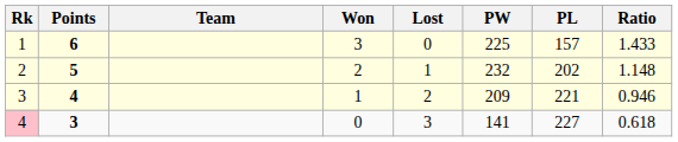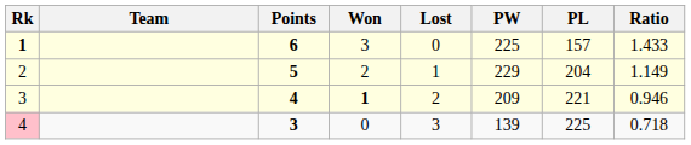 <table class=wikitable style="text-align:center">
 <tr bgcolor="#DCDCDC">
 <th width="25">Rk</th>
+<th width="200">Team</th>
 <th width="60">Points</th>
-<th width="200">Team</th>
 <th width="60">Won</th>
 <th width="60">Lost</th>
 <th width="60">PW</th>
 <th width="60">PL</th>
 <th width="60">Ratio</th>
 </tr>
 <tr bgcolor=lightyellow>
-<td>1</td>
+<td><strong>1</strong></td>
+<td align=left></td>
 <td><strong>6</strong></td>
-<td align=left></td>
 <td>3</td>
 <td>0</td>
 <td>225</td>
 <td>157</td>
 <td>1.433</td>
 </tr>
 <tr bgcolor=lightyellow>
 <td>2</td>
+<td align=left></td>
 <td><strong>5</strong></td>
-<td align=left></td>
 <td>2</td>
 <td>1</td>
-<td>232</td>
-<td>202</td>
-<td>1.148</td>
+<td>229</td>
+<td>204</td>
+<td>1.149</td>
 </tr>
 <tr bgcolor=lightyellow>
 <td>3</td>
+<td align=left></td>
 <td><strong>4</strong></td>
-<td align=left></td>
-<td>1</td>
+<td><strong>1</strong></td>
 <td>2</td>
 <td>209</td>
 <td>221</td>
 <td>0.946</td>
 </tr>
 <tr>
 <td style="background: pink;">4</td>
+<td align=left></td>
 <td><strong>3</strong></td>
-<td align=left></td>
 <td>0</td>
 <td>3</td>
-<td>141</td>
-<td>227</td>
-<td>0.618</td>
+<td>139</td>
+<td>225</td>
+<td>0.718</td>
 </tr>
 </table>
